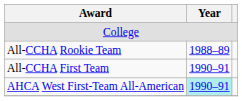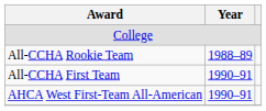 <table class="wikitable">
 <tr>
 <th>Award</th>
 <th>Year</th>
 <th></th>
 </tr>
 <tr ALIGN="center" bgcolor="#e0e0e0">
 <td colspan="3"><a href='#'>College</a></td>
 </tr>
 <tr>
 <td>All-<a href='#'>CCHA</a> <a href='#'>Rookie Team</a></td>
 <td><a href='#'>1988–89</a></td>
 <td></td>
 </tr>
 <tr>
 <td>All-<a href='#'>CCHA</a> <a href='#'>First Team</a></td>
 <td><a href='#'>1990–91</a></td>
 <td></td>
 </tr>
 <tr>
 <td><a href='#'>AHCA</a> <a href='#'>West First-Team All-American</a></td>
-<td style="background: paleturquoise;"><a href='#'>1990–91</a></td>
+<td><a href='#'>1990–91</a></td>
 <td></td>
 </tr>
 <tr>
 </tr>
 </table>
